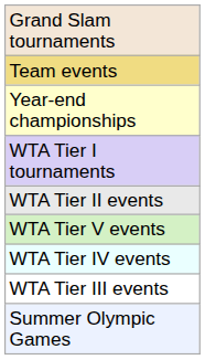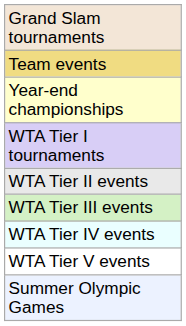 <table class=wikitable style=font-size:92%;width:12%>
 <tr style="background:#f3e6d7;">
 <td>Grand Slam tournaments</td>
 </tr>
 <tr style="background:#f0dc82;">
 <td>Team events</td>
 </tr>
 <tr style="background:#ffc;">
 <td>Year-end championships</td>
 </tr>
 <tr style="background:#d8cef6;">
 <td>WTA Tier I tournaments</td>
 </tr>
 <tr style="background:#e9e9e9;">
 <td>WTA Tier II events</td>
 </tr>
 <tr style="background:#d4f1c5;">
-<td>WTA Tier V events</td>
+<td>WTA Tier III events</td>
 </tr>
 <tr style="background:#eaffff;">
 <td>WTA Tier IV events</td>
 </tr>
 <tr style="background:#fff;">
-<td>WTA Tier III events</td>
+<td>WTA Tier V events</td>
 </tr>
 <tr style="background:#ecf2ff;">
 <td>Summer Olympic Games</td>
 </tr>
 </table>
